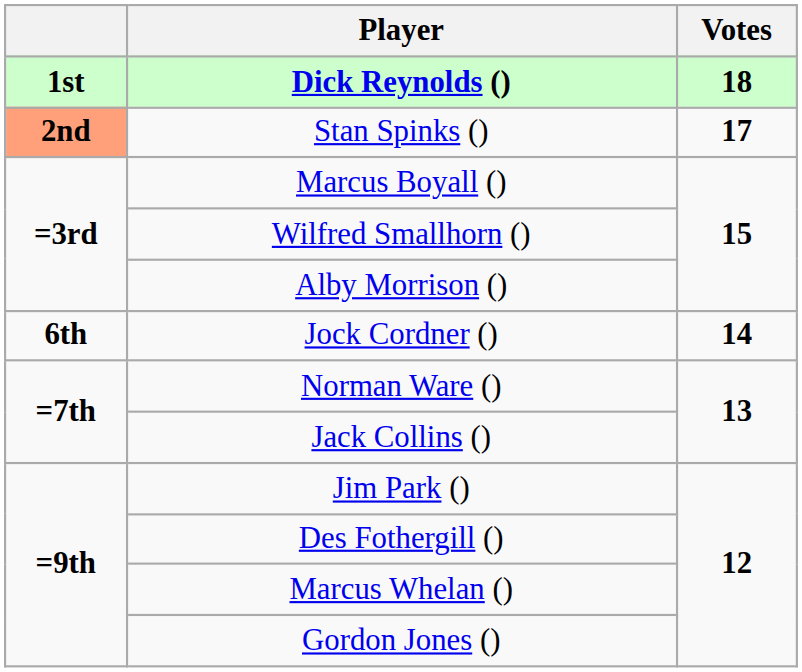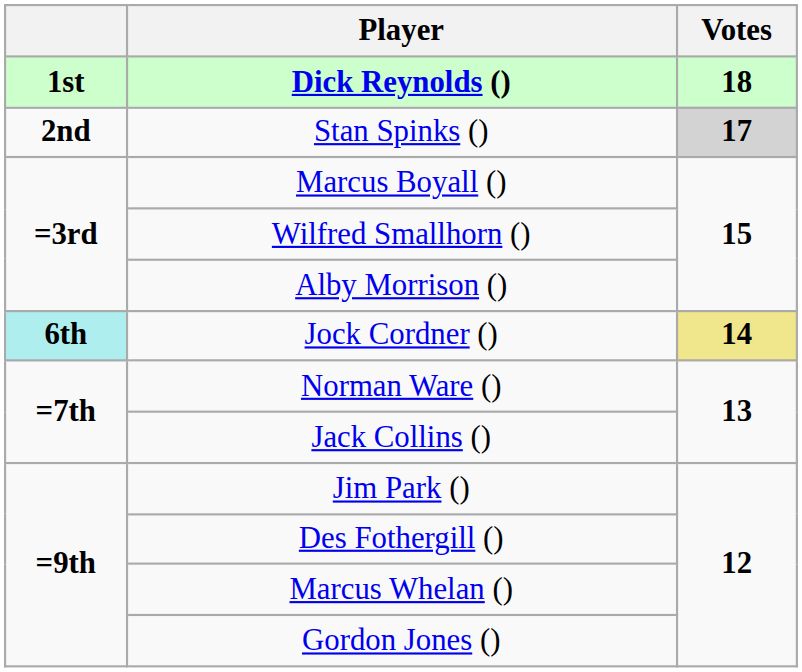 <table class="wikitable" style="text-align: center; font-size: 90%;">
 <tr>
 <th width="50"></th>
 <th width="250">Player</th>
 <th width="50">Votes</th>
 </tr>
 <tr style="background: #CCFFCC; font-weight: bold;" |>
 <td><strong>1st</strong></td>
 <td><a href='#'>Dick Reynolds</a> ()</td>
 <td><strong>18</strong></td>
 </tr>
 <tr>
-<td style="background: lightsalmon;"><strong>2nd</strong></td>
+<td><strong>2nd</strong></td>
 <td><a href='#'>Stan Spinks</a> ()</td>
-<td><strong>17</strong></td>
+<td style="background: lightgrey;"><strong>17</strong></td>
 </tr>
 <tr>
 <td rowspan=3><strong>=3rd</strong></td>
 <td><a href='#'>Marcus Boyall</a> ()</td>
 <td rowspan=3><strong>15</strong></td>
 </tr>
 <tr>
 <td><a href='#'>Wilfred Smallhorn</a> ()</td>
 </tr>
 <tr>
 <td><a href='#'>Alby Morrison</a> ()</td>
 </tr>
 <tr>
-<td><strong>6th</strong></td>
+<td style="background: paleturquoise;"><strong>6th</strong></td>
 <td><a href='#'>Jock Cordner</a> ()</td>
-<td><strong>14</strong></td>
+<td style="background: khaki;"><strong>14</strong></td>
 </tr>
 <tr>
 <td rowspan=2><strong>=7th</strong></td>
 <td><a href='#'>Norman Ware</a> ()</td>
 <td rowspan=2><strong>13</strong></td>
 </tr>
 <tr>
 <td><a href='#'>Jack Collins</a> ()</td>
 </tr>
 <tr>
 <td rowspan=4><strong>=9th</strong></td>
 <td><a href='#'>Jim Park</a> ()</td>
 <td rowspan=4><strong>12</strong></td>
 </tr>
 <tr>
 <td><a href='#'>Des Fothergill</a> ()</td>
 </tr>
 <tr>
 <td><a href='#'>Marcus Whelan</a> ()</td>
 </tr>
 <tr>
 <td><a href='#'>Gordon Jones</a> ()</td>
 </tr>
 </table>
